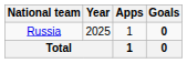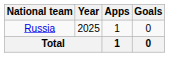 <table class=wikitable style=text-align:center>
 <tr>
 <th>National team</th>
 <th>Year</th>
 <th>Apps</th>
 <th>Goals</th>
 </tr>
 <tr>
 <td rowspan="1"><a href='#'>Russia</a></td>
 <td>2025</td>
 <td>1</td>
-<td><strong>0</strong></td>
+<td>0</td>
 </tr>
 <tr>
 <th colspan=2>Total</th>
 <th>1</th>
 <th>0</th>
 </tr>
 </table>
